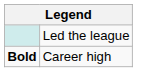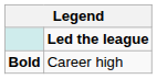 <table class="wikitable mw-collapsible mw-collapsed">
 <tr>
 <th colspan="2">Legend</th>
 </tr>
 <tr>
 <td style="background:#cfecec;"></td>
-<td>Led the league</td>
+<td><strong>Led the league</strong></td>
 </tr>
 <tr>
 <td><strong>Bold</strong></td>
 <td>Career high</td>
 </tr>
 </table>
